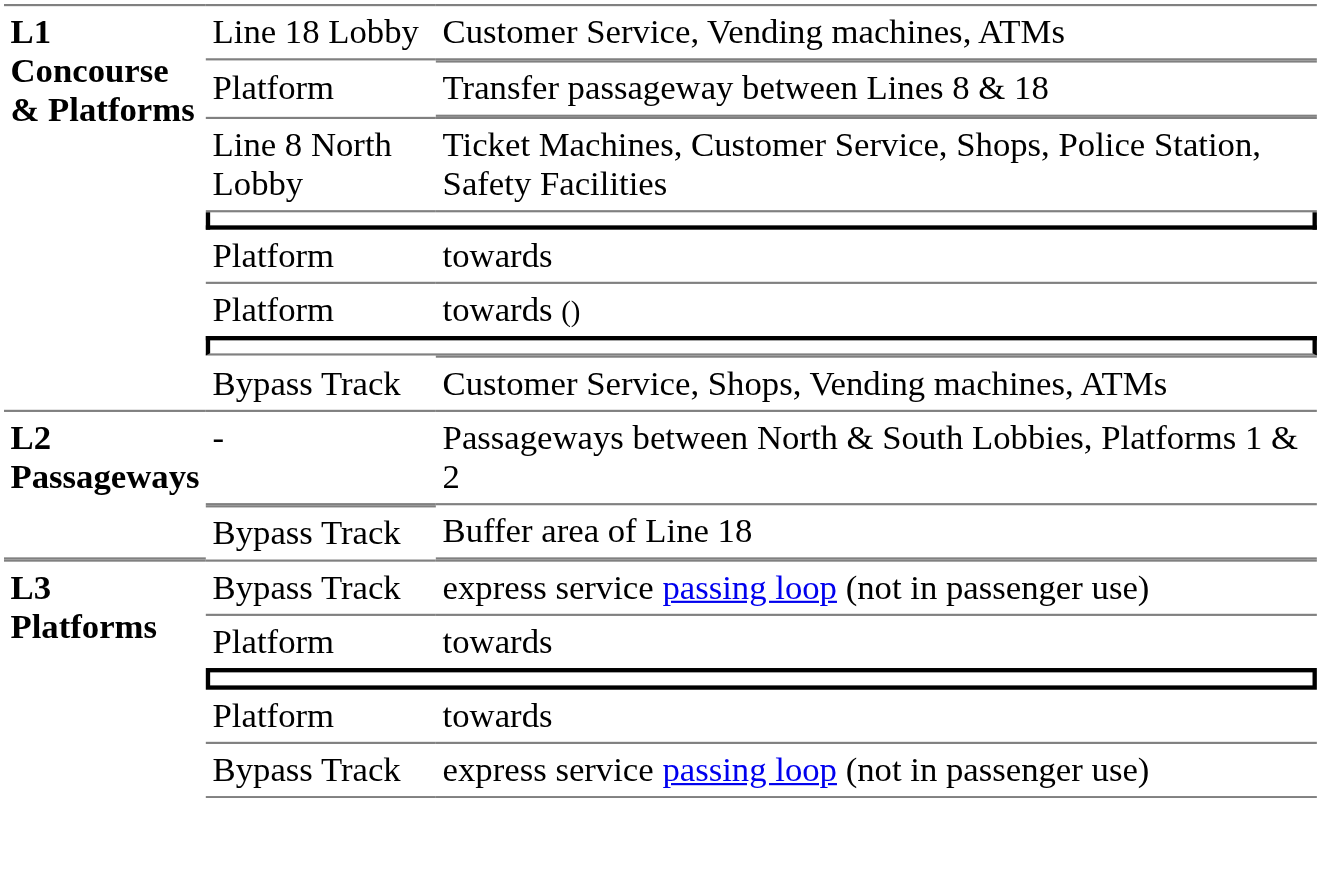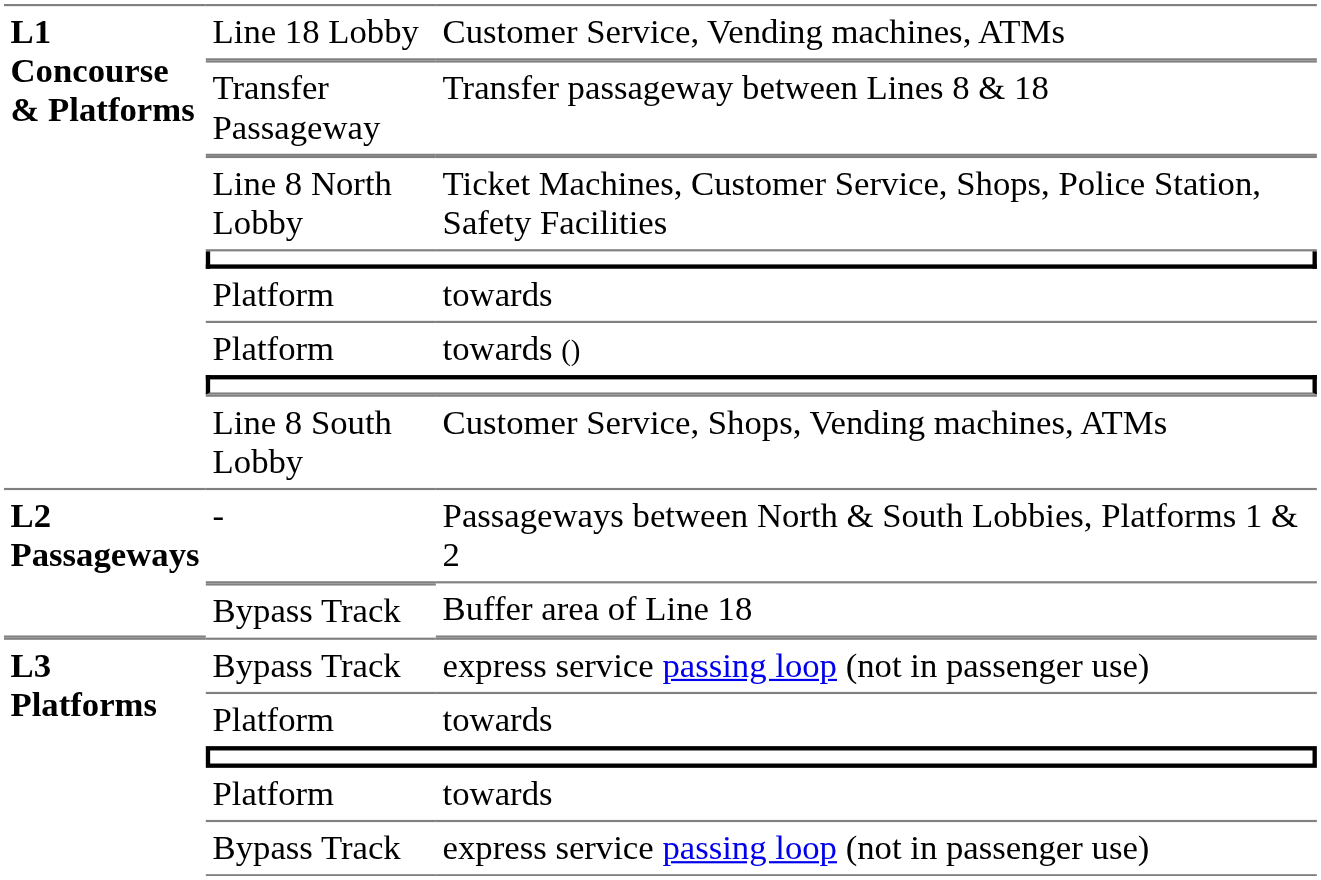 <table table border=0 cellspacing=0 cellpadding=3>
 <tr>
 <td style="border-bottom:solid 1px gray; border-top:solid 1px gray;" valign=top width=50 rowspan=8><strong>L1<br>Concourse & Platforms</strong></td>
 <td style="border-bottom:solid 1px gray; border-top:solid 1px gray;" valign=top width=100>Line 18 Lobby</td>
 <td style="border-bottom:solid 1px gray; border-top:solid 1px gray;" valign=top width=400>Customer Service, Vending machines, ATMs</td>
 </tr>
 <tr>
-<td>Platform </td>
+<td style="border-bottom:solid 1px gray; border-top:solid 1px gray;" valign=top>Transfer Passageway</td>
 <td style="border-bottom:solid 1px gray; border-top:solid 1px gray;" valign=top>Transfer passageway between Lines 8 & 18</td>
 </tr>
 <tr>
 <td style="border-bottom:solid 1px gray; border-top:solid 1px gray;" valign=top>Line 8 North Lobby</td>
 <td style="border-bottom:solid 1px gray; border-top:solid 1px gray;" valign=top>Ticket Machines, Customer Service, Shops, Police Station, Safety Facilities</td>
 </tr>
 <tr>
 <td style="border-right:solid 2px black;border-left:solid 2px black;border-bottom:solid 2px black;text-align:center;" colspan=2></td>
 </tr>
 <tr>
 <td style="border-bottom:solid 1px gray;" width=100>Platform </td>
 <td style="border-bottom:solid 1px gray;" width=390>  towards  </td>
 </tr>
 <tr>
 <td>Platform </td>
 <td> towards  <small>()</small> </td>
 </tr>
 <tr>
 <td style="border-top:solid 2px black;border-right:solid 2px black;border-left:solid 2px black;border-bottom:solid 1px gray;text-align:center;" colspan=2></td>
 </tr>
 <tr>
-<td style="border-bottom:solid 1px gray;">Bypass Track</td>
+<td style="border-bottom:solid 1px gray; border-top:solid 1px gray;" valign=top>Line 8 South Lobby</td>
 <td style="border-bottom:solid 1px gray; border-top:solid 1px gray;" valign=top>Customer Service, Shops, Vending machines, ATMs</td>
 </tr>
 <tr>
 <td style="border-bottom:solid 1px gray;" valign=top rowspan=2><strong>L2<br>Passageways</strong></td>
 <td style="border-bottom:solid 1px gray;" valign=top>-</td>
 <td style="border-bottom:solid 1px gray;" valign=top>Passageways between North & South Lobbies, Platforms 1 & 2</td>
 </tr>
 <tr>
 <td style="border-top:solid 1px gray;">Bypass Track</td>
 <td style="border-bottom:solid 1px gray;" valign=top>Buffer area of Line 18</td>
 </tr>
 <tr>
 <td style="border-top:solid 1px gray;" valign=top rowspan=5><strong>L3<br>Platforms</strong></td>
 <td style="border-top:solid 1px gray;">Bypass Track</td>
 <td style="border-top:solid 1px gray;">  express service <a href='#'>passing loop</a> (not in passenger use)</td>
 </tr>
 <tr>
 <td style="border-top:solid 1px gray;">Platform </td>
 <td style="border-top:solid 1px gray;">  towards  </td>
 </tr>
 <tr>
 <td style="border-top:solid 2px black;border-right:solid 2px black;border-left:solid 2px black;border-bottom:solid 2px black;text-align:center;" colspan=2></td>
 </tr>
 <tr>
 <td style="border-bottom:solid 1px gray;">Platform </td>
 <td style="border-bottom:solid 1px gray;"> towards   </td>
 </tr>
 <tr>
 <td style="border-bottom:solid 1px gray;">Bypass Track</td>
 <td style="border-bottom:solid 1px gray;"> express service <a href='#'>passing loop</a> (not in passenger use) </td>
 </tr>
 </table>
